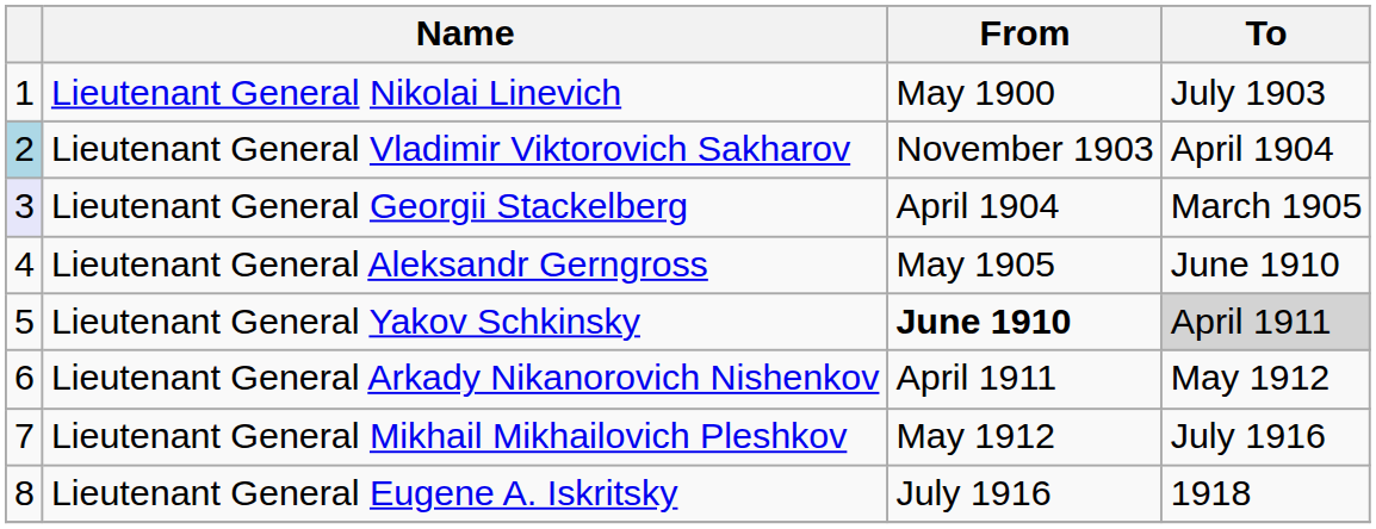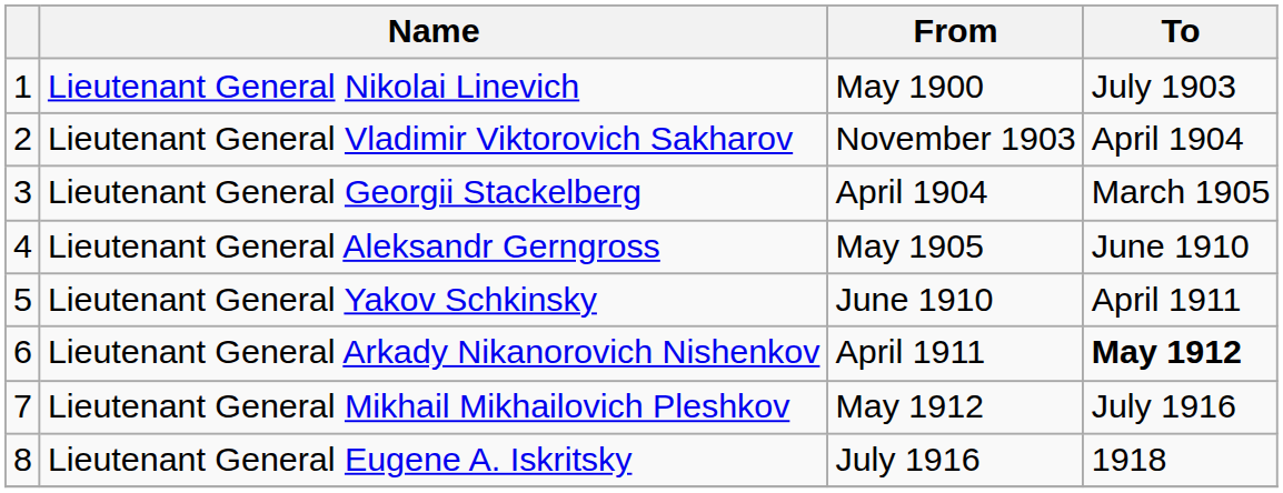 <table class=wikitable>
 <tr>
 <th></th>
 <th>Name</th>
 <th>From</th>
 <th>To</th>
 </tr>
 <tr>
 <td>1</td>
 <td><a href='#'>Lieutenant General</a> <a href='#'>Nikolai Linevich</a></td>
 <td>May 1900</td>
 <td>July 1903</td>
 </tr>
 <tr>
-<td style="background: lightblue;">2</td>
+<td>2</td>
 <td>Lieutenant General <a href='#'>Vladimir Viktorovich Sakharov</a></td>
 <td>November 1903</td>
 <td>April 1904</td>
 </tr>
 <tr>
-<td style="background: lavender;">3</td>
+<td>3</td>
 <td>Lieutenant General <a href='#'>Georgii Stackelberg</a></td>
 <td>April 1904</td>
 <td>March 1905</td>
 </tr>
 <tr>
 <td>4</td>
 <td>Lieutenant General <a href='#'>Aleksandr Gerngross</a></td>
 <td>May 1905</td>
 <td>June 1910</td>
 </tr>
 <tr>
 <td>5</td>
 <td>Lieutenant General <a href='#'>Yakov Schkinsky</a></td>
-<td><strong>June 1910</strong></td>
-<td style="background: lightgrey;">April 1911</td>
+<td>June 1910</td>
+<td>April 1911</td>
 </tr>
 <tr>
 <td>6</td>
 <td>Lieutenant General <a href='#'>Arkady Nikanorovich Nishenkov</a></td>
 <td>April 1911</td>
-<td>May 1912</td>
+<td><strong>May 1912</strong></td>
 </tr>
 <tr>
 <td>7</td>
 <td>Lieutenant General <a href='#'>Mikhail Mikhailovich Pleshkov</a></td>
 <td>May 1912</td>
 <td>July 1916</td>
 </tr>
 <tr>
 <td>8</td>
 <td>Lieutenant General <a href='#'>Eugene A. Iskritsky</a></td>
 <td>July 1916</td>
 <td>1918</td>
 </tr>
 <tr>
 </tr>
 </table>
